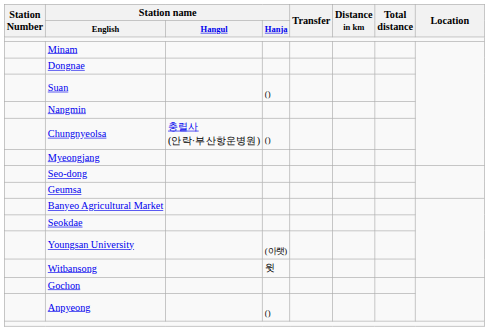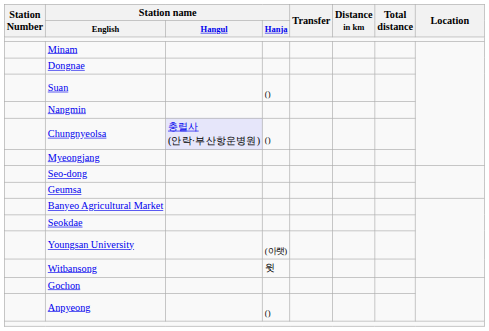 <table class="wikitable">
 <tr>
 <th rowspan="2">Station<br>Number</th>
 <th colspan="3">Station name</th>
 <th rowspan="2">Transfer</th>
 <th rowspan="2">Distance<br><small>in km</small></th>
 <th rowspan="2">Total<br>distance</th>
 <th rowspan="2">Location</th>
 </tr>
 <tr>
 <th><small>English</small></th>
 <th><small><a href='#'>Hangul</a></small></th>
 <th><small><a href='#'>Hanja</a></small></th>
 </tr>
 <tr style="background:#">
 <td colspan="10"></td>
 </tr>
 <tr>
 <td></td>
 <td><a href='#'>Minam</a></td>
 <td></td>
 <td></td>
 <td></td>
 <td></td>
 <td></td>
 <td rowspan="6" width="100pt"></td>
 </tr>
 <tr>
 <td></td>
 <td><a href='#'>Dongnae</a></td>
 <td></td>
 <td></td>
 <td></td>
 <td></td>
 <td></td>
 </tr>
 <tr>
 <td></td>
 <td><a href='#'>Suan</a></td>
 <td><br><small></small></td>
 <td><br><small>()</small></td>
 <td></td>
 <td></td>
 <td></td>
 </tr>
 <tr>
 <td></td>
 <td><a href='#'>Nangmin</a></td>
 <td></td>
 <td></td>
 <td></td>
 <td></td>
 <td></td>
 </tr>
 <tr>
 <td></td>
 <td><a href='#'>Chungnyeolsa</a></td>
-<td><a href='#'>충렬사</a><br>(안락·부산항운병원)</td>
+<td style="background: lavender;"><a href='#'>충렬사</a><br>(안락·부산항운병원)</td>
 <td><br><small>()</small></td>
 <td></td>
 <td></td>
 <td></td>
 </tr>
 <tr>
 <td></td>
 <td><a href='#'>Myeongjang</a></td>
 <td></td>
 <td></td>
 <td></td>
 <td></td>
 <td></td>
 </tr>
 <tr>
 <td></td>
 <td><a href='#'>Seo-dong</a></td>
 <td></td>
 <td></td>
 <td></td>
 <td></td>
 <td></td>
 <td rowspan="2" width="100pt"></td>
 </tr>
 <tr>
 <td></td>
 <td><a href='#'>Geumsa</a></td>
 <td></td>
 <td></td>
 <td></td>
 <td></td>
 <td></td>
 </tr>
 <tr>
 <td></td>
 <td><a href='#'>Banyeo Agricultural Market</a></td>
 <td></td>
 <td></td>
 <td></td>
 <td></td>
 <td></td>
 <td rowspan="4" width="100pt"></td>
 </tr>
 <tr>
 <td></td>
 <td><a href='#'>Seokdae</a></td>
 <td></td>
 <td></td>
 <td></td>
 <td></td>
 <td></td>
 </tr>
 <tr>
 <td></td>
 <td><a href='#'>Youngsan University</a></td>
 <td><br><small></small></td>
 <td><br><small>(아랫)</small></td>
 <td></td>
 <td></td>
 <td></td>
 </tr>
 <tr>
 <td></td>
 <td><a href='#'>Witbansong</a></td>
 <td></td>
 <td>윗</td>
 <td></td>
 <td></td>
 <td></td>
 </tr>
 <tr>
 <td></td>
 <td><a href='#'>Gochon</a></td>
 <td></td>
 <td></td>
 <td></td>
 <td></td>
 <td></td>
 <td rowspan="2" width="100pt"></td>
 </tr>
 <tr>
 <td></td>
 <td><a href='#'>Anpyeong</a></td>
 <td><br><small></small></td>
 <td><br><small>()</small></td>
 <td></td>
 <td></td>
 <td></td>
 </tr>
 <tr style="background:#">
 <td colspan="10"></td>
 </tr>
 </table>
